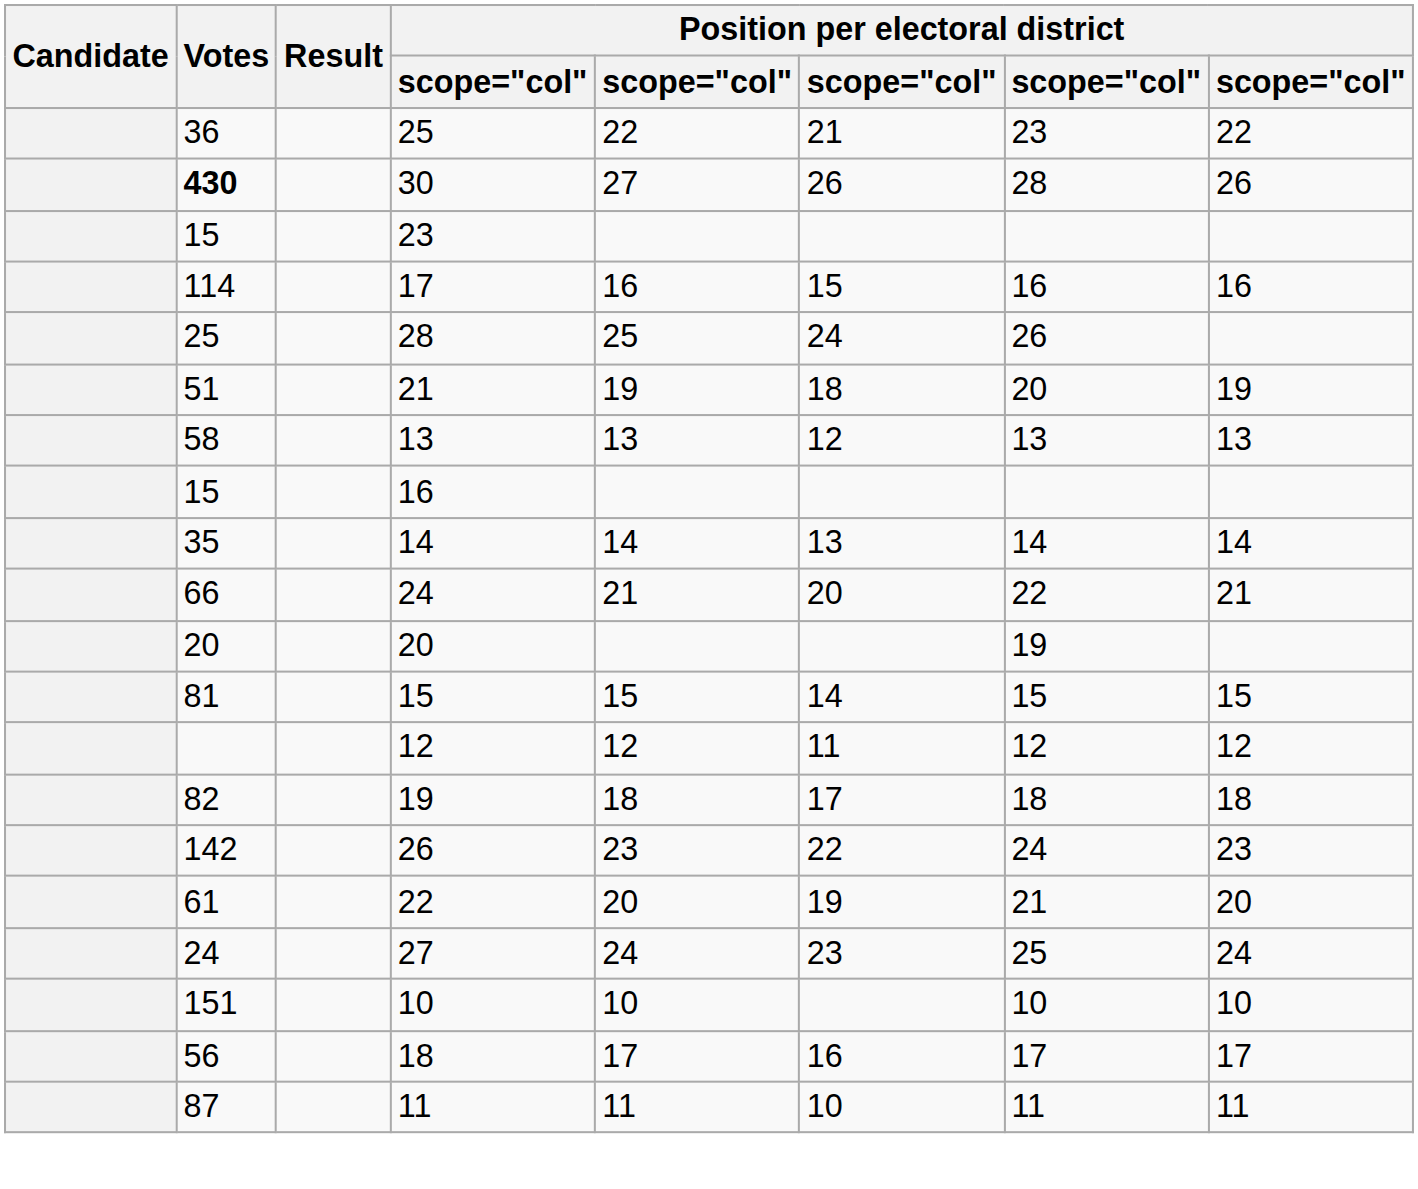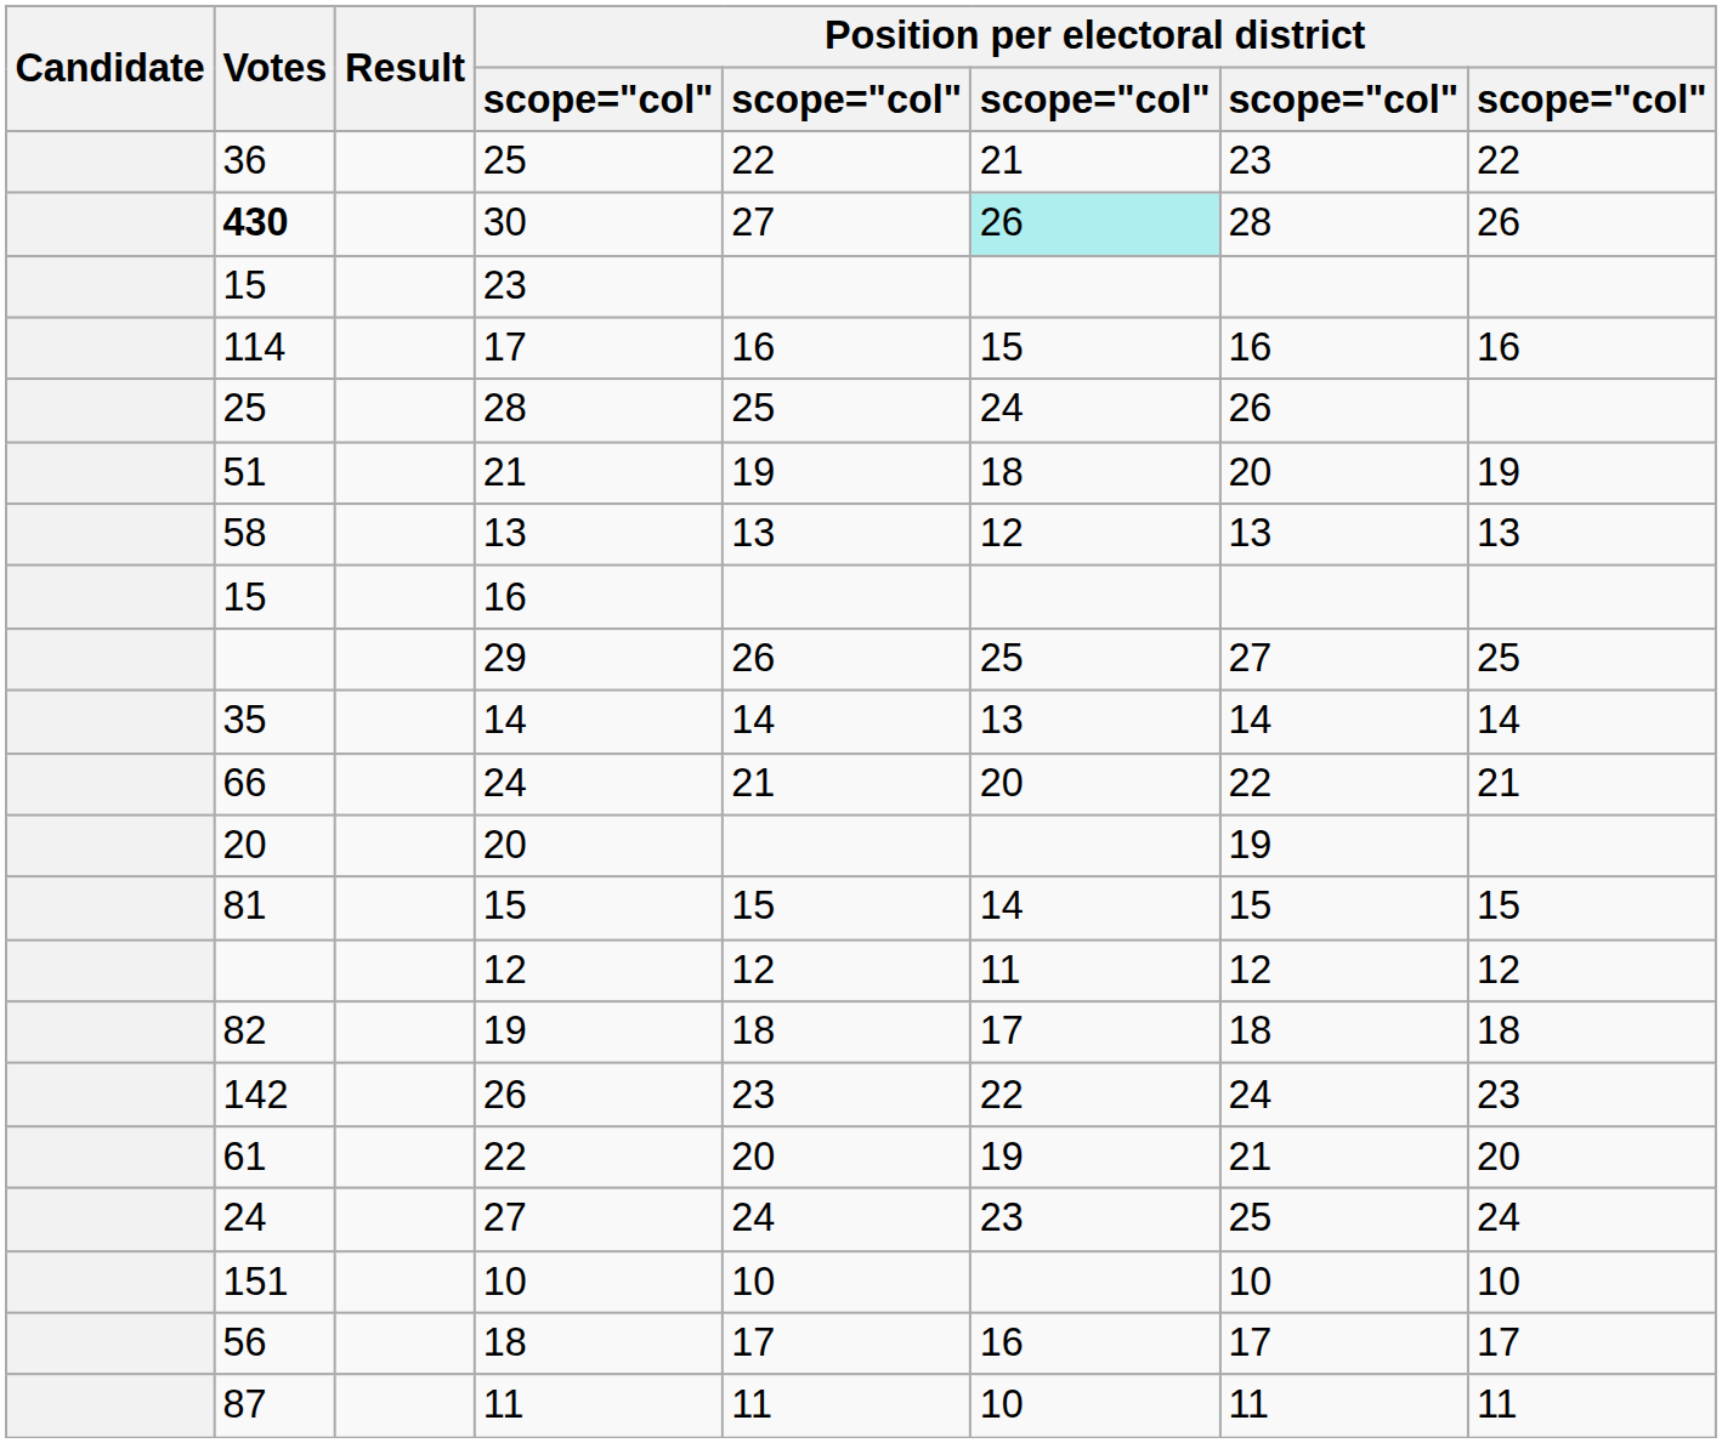 <table class="wikitable sortable defaultright col3left">
 <tr>
 <th scope="col" rowspan="2">Candidate</th>
 <th scope="col" rowspan="2">Votes</th>
 <th scope="col" rowspan="2">Result</th>
 <th scope="col" colspan="5">Position per electoral district</th>
 </tr>
 <tr>
 <th>scope="col" </th>
 <th>scope="col" </th>
 <th>scope="col" </th>
 <th>scope="col" </th>
 <th>scope="col" </th>
 </tr>
 <tr>
 <th scope="row"></th>
 <td>36</td>
 <td></td>
 <td>25</td>
 <td>22</td>
 <td>21</td>
 <td>23</td>
 <td>22</td>
 </tr>
 <tr>
 <th scope="row"></th>
 <td><strong>430</strong></td>
 <td></td>
 <td>30</td>
 <td>27</td>
-<td>26</td>
+<td style="background: paleturquoise;">26</td>
 <td>28</td>
 <td>26</td>
 </tr>
 <tr>
 <th scope="row"></th>
 <td>15</td>
 <td></td>
 <td>23</td>
 <td></td>
 <td></td>
 <td></td>
 <td></td>
 </tr>
 <tr>
 <th scope="row"></th>
 <td>114</td>
 <td></td>
 <td>17</td>
 <td>16</td>
 <td>15</td>
 <td>16</td>
 <td>16</td>
 </tr>
 <tr>
 <th scope="row"></th>
 <td>25</td>
 <td></td>
 <td>28</td>
 <td>25</td>
 <td>24</td>
 <td>26</td>
 <td></td>
 </tr>
 <tr>
 <th scope="row"></th>
 <td>51</td>
 <td></td>
 <td>21</td>
 <td>19</td>
 <td>18</td>
 <td>20</td>
 <td>19</td>
 </tr>
 <tr>
 <th scope="row"></th>
 <td>58</td>
 <td></td>
 <td>13</td>
 <td>13</td>
 <td>12</td>
 <td>13</td>
 <td>13</td>
 </tr>
 <tr>
 <th scope="row"></th>
 <td>15</td>
 <td></td>
 <td>16</td>
 <td></td>
 <td></td>
 <td></td>
 <td></td>
+</tr>
+<tr>
+<th scope="row"></th>
+<td></td>
+<td></td>
+<td>29</td>
+<td>26</td>
+<td>25</td>
+<td>27</td>
+<td>25</td>
 </tr>
 <tr>
 <th scope="row"></th>
 <td>35</td>
 <td></td>
 <td>14</td>
 <td>14</td>
 <td>13</td>
 <td>14</td>
 <td>14</td>
 </tr>
 <tr>
 <th scope="row"></th>
 <td>66</td>
 <td></td>
 <td>24</td>
 <td>21</td>
 <td>20</td>
 <td>22</td>
 <td>21</td>
 </tr>
 <tr>
 <th scope="row"></th>
 <td>20</td>
 <td></td>
 <td>20</td>
 <td></td>
 <td></td>
 <td>19</td>
 <td></td>
 </tr>
 <tr>
 <th scope="row"></th>
 <td>81</td>
 <td></td>
 <td>15</td>
 <td>15</td>
 <td>14</td>
 <td>15</td>
 <td>15</td>
 </tr>
 <tr>
 <th scope="row"></th>
 <td></td>
 <td></td>
 <td>12</td>
 <td>12</td>
 <td>11</td>
 <td>12</td>
 <td>12</td>
 </tr>
 <tr>
 <th scope="row"></th>
 <td>82</td>
 <td></td>
 <td>19</td>
 <td>18</td>
 <td>17</td>
 <td>18</td>
 <td>18</td>
 </tr>
 <tr>
 <th scope="row"></th>
 <td>142</td>
 <td></td>
 <td>26</td>
 <td>23</td>
 <td>22</td>
 <td>24</td>
 <td>23</td>
 </tr>
 <tr>
 <th scope="row"></th>
 <td>61</td>
 <td></td>
 <td>22</td>
 <td>20</td>
 <td>19</td>
 <td>21</td>
 <td>20</td>
 </tr>
 <tr>
 <th scope="row"></th>
 <td>24</td>
 <td></td>
 <td>27</td>
 <td>24</td>
 <td>23</td>
 <td>25</td>
 <td>24</td>
 </tr>
 <tr>
 <th scope="row"></th>
 <td>151</td>
 <td></td>
 <td>10</td>
 <td>10</td>
 <td></td>
 <td>10</td>
 <td>10</td>
 </tr>
 <tr>
 <th scope="row"></th>
 <td>56</td>
 <td></td>
 <td>18</td>
 <td>17</td>
 <td>16</td>
 <td>17</td>
 <td>17</td>
 </tr>
 <tr>
 <th scope="row"></th>
 <td>87</td>
 <td></td>
 <td>11</td>
 <td>11</td>
 <td>10</td>
 <td>11</td>
 <td>11</td>
 </tr>
 </table>
